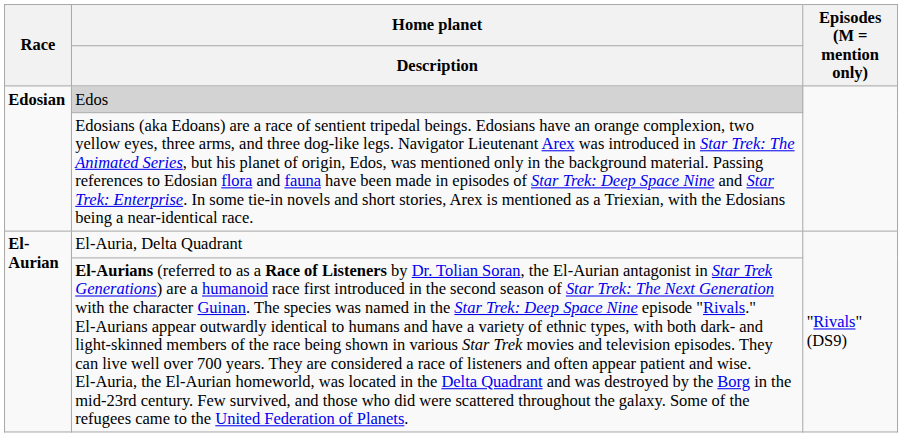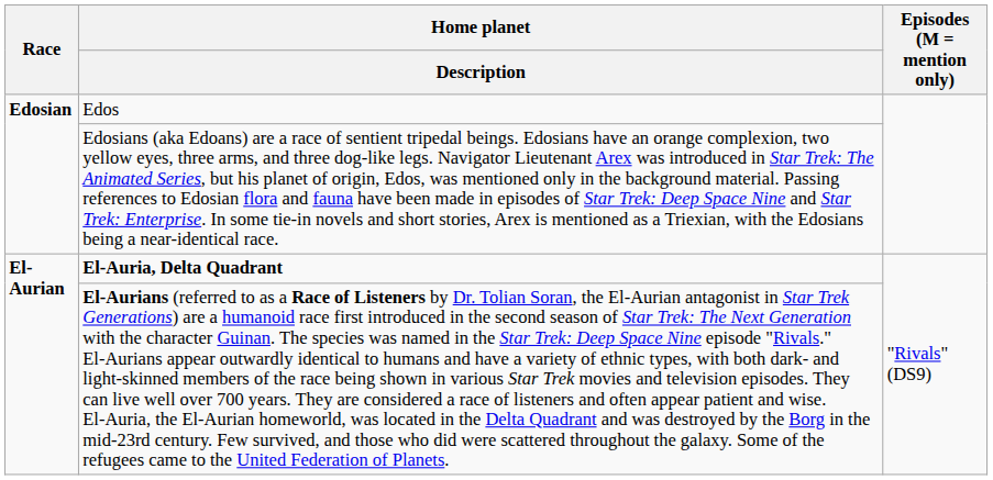 <table class="wikitable">
 <tr>
 <th rowspan="2">Race</th>
 <th>Home planet</th>
 <th rowspan="2">Episodes (M = mention only)</th>
 </tr>
 <tr>
 <th>Description</th>
 </tr>
 <tr>
 <td rowspan="2" style="vertical-align: top;"><strong>Edosian</strong> </td>
-<td style="background: lightgrey;">Edos</td>
+<td>Edos</td>
 <td rowspan="2"></td>
 </tr>
 <tr>
 <td>Edosians (aka Edoans) are a race of sentient tripedal beings. Edosians have an orange complexion, two yellow eyes, three arms, and three dog-like legs. Navigator Lieutenant <a href='#'>Arex</a> was introduced in <em><a href='#'>Star Trek: The Animated Series</a></em>, but his planet of origin, Edos, was mentioned only in the background material. Passing references to Edosian <a href='#'>flora</a> and <a href='#'>fauna</a> have been made in episodes of <em><a href='#'>Star Trek: Deep Space Nine</a></em> and <em><a href='#'>Star Trek: Enterprise</a></em>. In some tie-in novels and short stories, Arex is mentioned as a Triexian, with the Edosians being a near-identical race.</td>
 </tr>
 <tr>
 <td rowspan="2" style="vertical-align: top;"><strong>El-Aurian</strong> </td>
-<td>El-Auria, Delta Quadrant</td>
+<td><strong>El-Auria, Delta Quadrant</strong></td>
 <td rowspan="2">"<a href='#'>Rivals</a>" (DS9)</td>
 </tr>
 <tr>
 <td><strong>El-Aurians</strong> (referred to as a <strong>Race of Listeners</strong> by <a href='#'>Dr. Tolian Soran</a>, the El-Aurian antagonist in <em><a href='#'>Star Trek Generations</a></em>) are a <a href='#'>humanoid</a> race first introduced in the second season of <em><a href='#'>Star Trek: The Next Generation</a></em> with the character <a href='#'>Guinan</a>. The species was named in the <em><a href='#'>Star Trek: Deep Space Nine</a></em> episode "<a href='#'>Rivals</a>."<br>El-Aurians appear outwardly identical to humans and have a variety of ethnic types, with both dark- and light-skinned members of the race being shown in various <em>Star Trek</em> movies and television episodes. They can live well over 700 years. They are considered a race of listeners and often appear patient and wise.<br>El-Auria, the El-Aurian homeworld, was located in the <a href='#'>Delta Quadrant</a> and was destroyed by the <a href='#'>Borg</a> in the mid-23rd century. Few survived, and those who did were scattered throughout the galaxy. Some of the refugees came to the <a href='#'>United Federation of Planets</a>.</td>
 </tr>
 </table>
